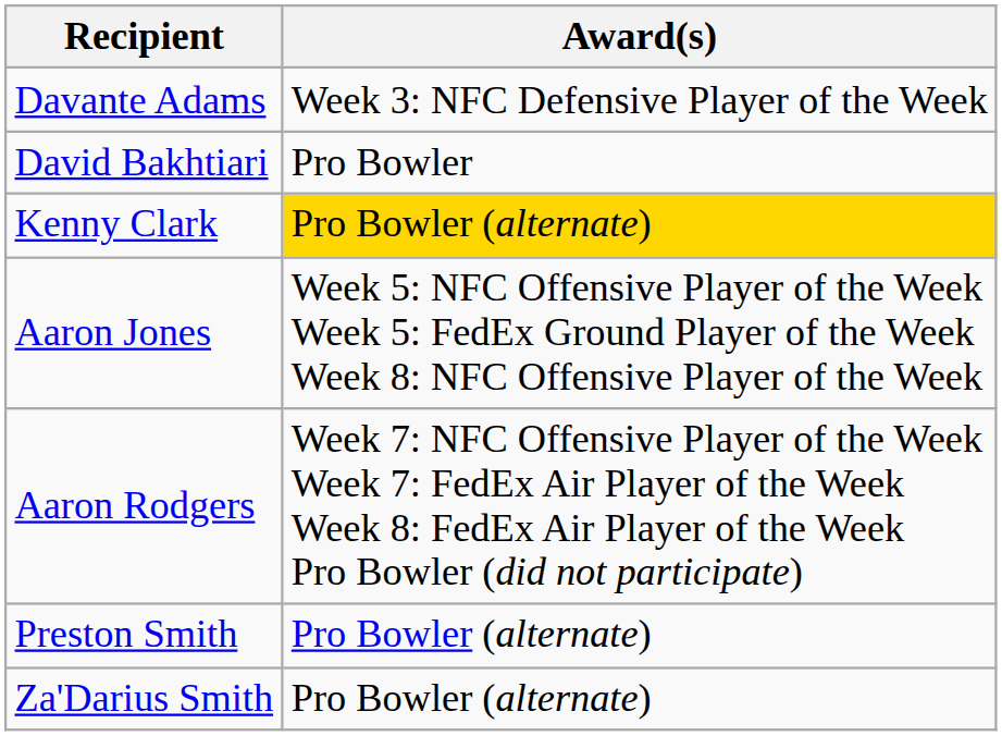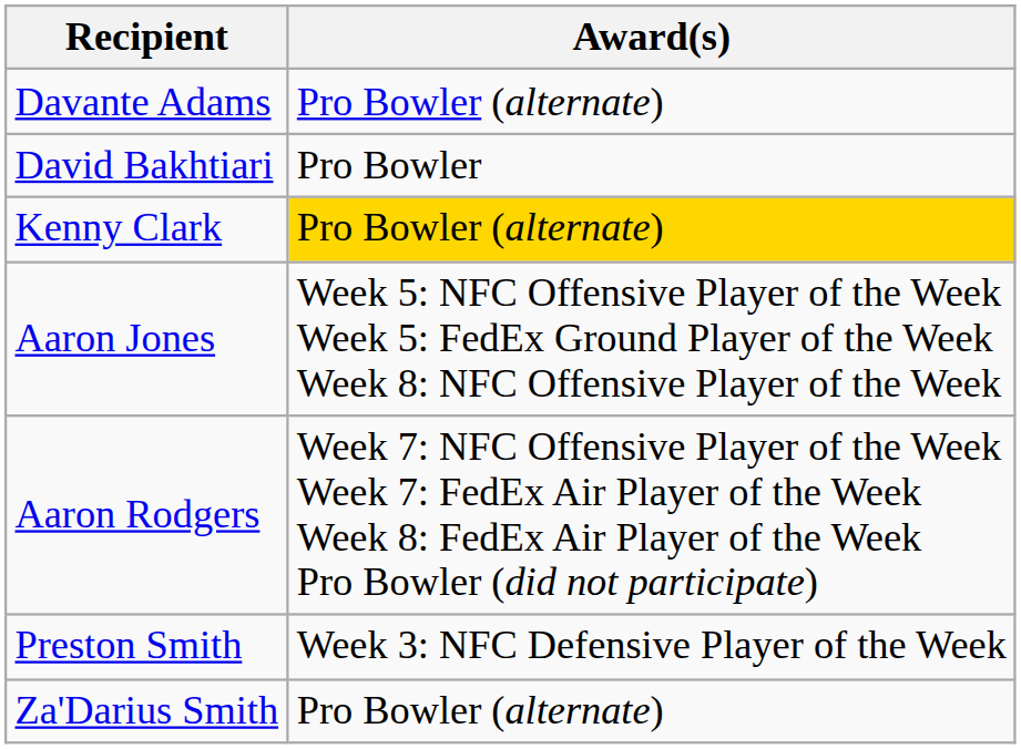 <table class="wikitable">
 <tr>
 <th>Recipient</th>
 <th>Award(s)</th>
 </tr>
 <tr>
 <td><a href='#'>Davante Adams</a></td>
-<td>Week 3: NFC Defensive Player of the Week</td>
+<td><a href='#'>Pro Bowler</a> (<em>alternate</em>)</td>
 </tr>
 <tr>
 <td><a href='#'>David Bakhtiari</a></td>
 <td>Pro Bowler</td>
 </tr>
 <tr>
 <td><a href='#'>Kenny Clark</a></td>
 <td style="background: gold;">Pro Bowler (<em>alternate</em>)</td>
 </tr>
 <tr>
 <td><a href='#'>Aaron Jones</a></td>
 <td>Week 5: NFC Offensive Player of the Week<br>Week 5: FedEx Ground Player of the Week<br>Week 8: NFC Offensive Player of the Week</td>
 </tr>
 <tr>
 <td><a href='#'>Aaron Rodgers</a></td>
 <td>Week 7: NFC Offensive Player of the Week<br>Week 7: FedEx Air Player of the Week<br>Week 8: FedEx Air Player of the Week<br>Pro Bowler (<em>did not participate</em>)</td>
 </tr>
 <tr>
 <td><a href='#'>Preston Smith</a></td>
-<td><a href='#'>Pro Bowler</a> (<em>alternate</em>)</td>
+<td>Week 3: NFC Defensive Player of the Week</td>
 </tr>
 <tr>
 <td><a href='#'>Za'Darius Smith</a></td>
 <td>Pro Bowler (<em>alternate</em>)</td>
 </tr>
 </table>
